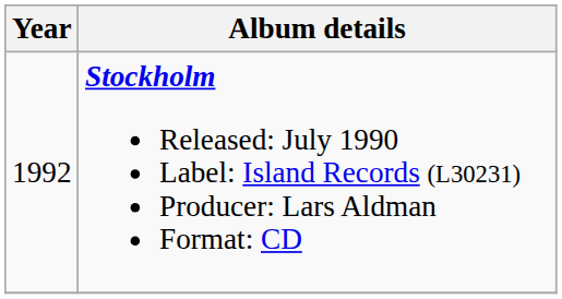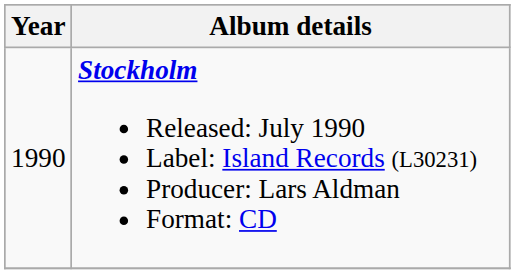 <table class="wikitable" border="1">
 <tr>
 <th>Year</th>
 <th width="250">Album details</th>
 </tr>
 <tr>
-<td>1992</td>
+<td>1990</td>
 <td><strong><em><a href='#'>Stockholm</a></em></strong><br><ul><li>Released: July 1990</li><li>Label: <a href='#'>Island Records</a> <small>(L30231)</small></li><li>Producer: Lars Aldman</li><li>Format: <a href='#'>CD</a></li></ul></td>
 </tr>
 <tr>
 </tr>
 </table>
